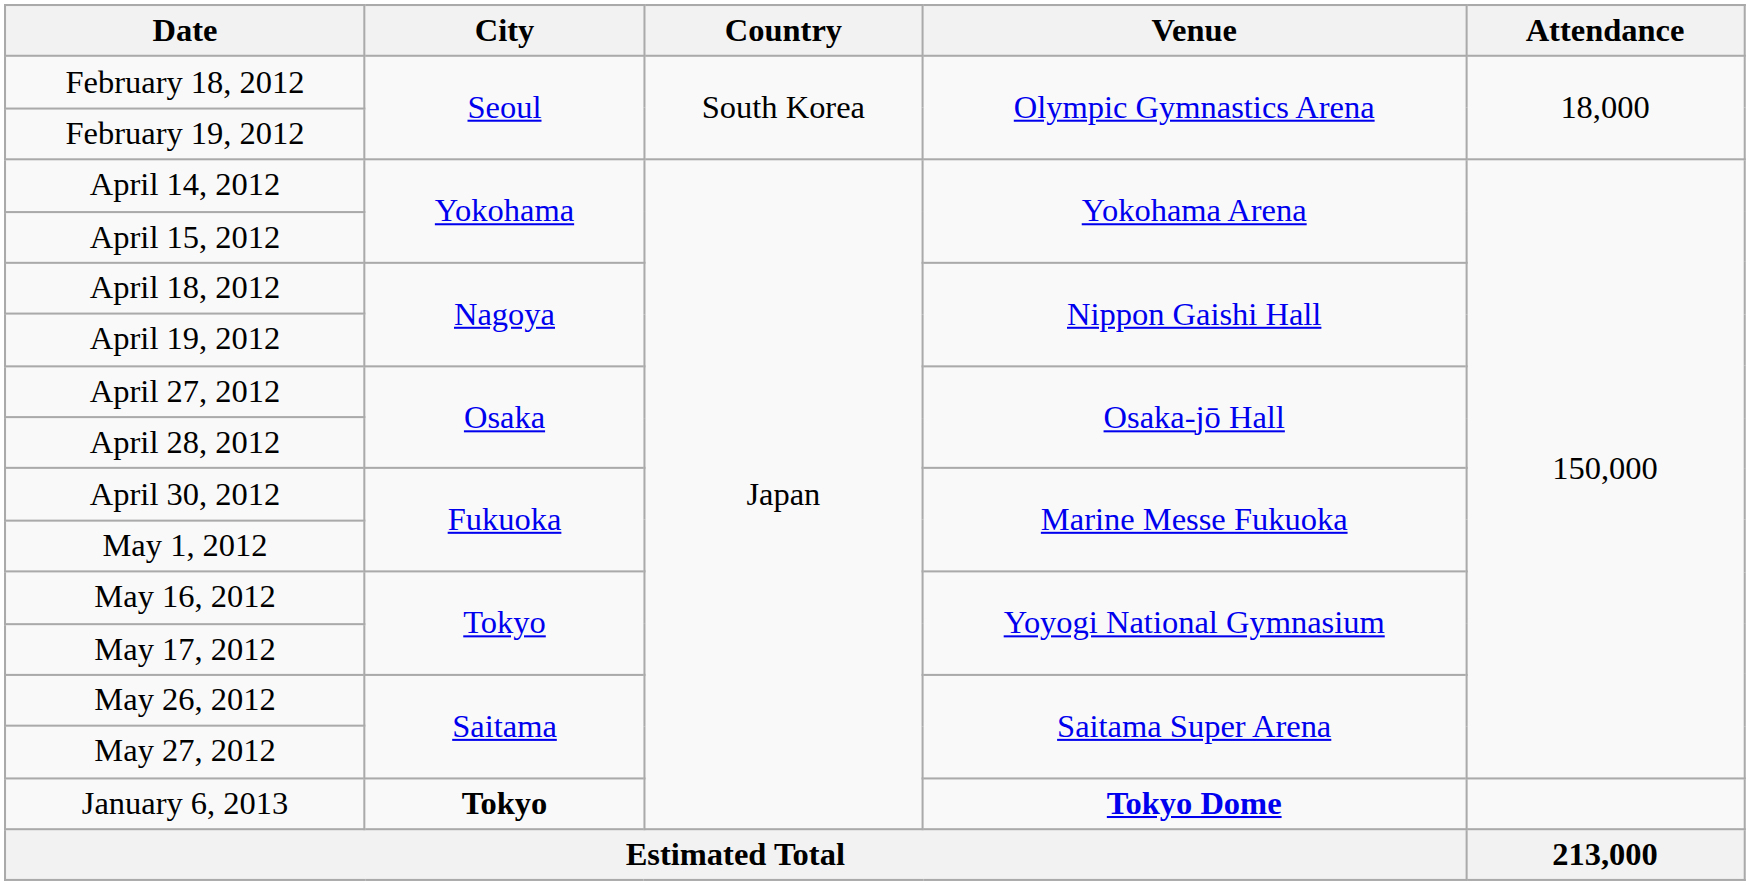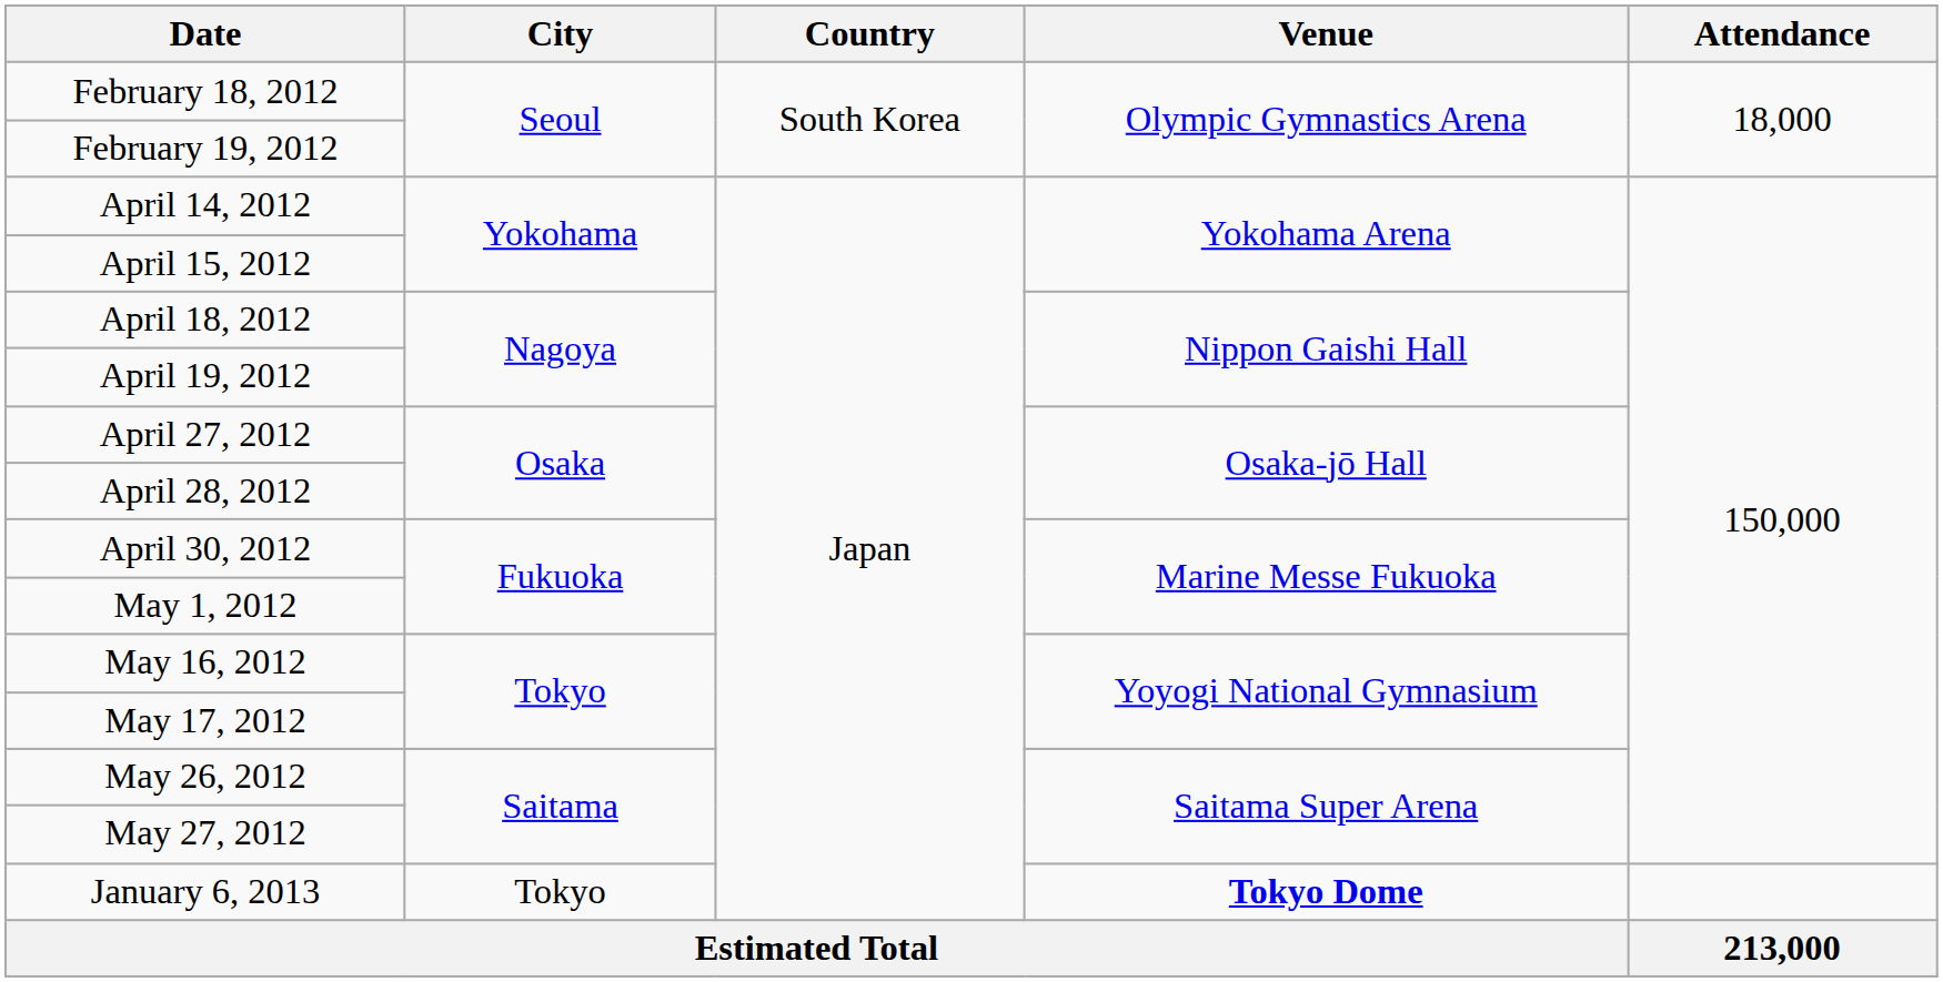 <table class="wikitable" style="text-align:center;">
 <tr>
 <th width="170">Date</th>
 <th width="130">City</th>
 <th width="130">Country</th>
 <th width="260">Venue</th>
 <th width="130">Attendance</th>
 </tr>
 <tr>
 <td>February 18, 2012</td>
 <td rowspan=2><a href='#'>Seoul</a></td>
 <td rowspan=2>South Korea</td>
 <td rowspan=2><a href='#'>Olympic Gymnastics Arena</a></td>
 <td rowspan="2">18,000</td>
 </tr>
 <tr>
 <td>February 19, 2012</td>
 </tr>
 <tr>
 <td>April 14, 2012</td>
 <td rowspan=2><a href='#'>Yokohama</a></td>
 <td rowspan=13>Japan</td>
 <td rowspan=2><a href='#'>Yokohama Arena</a></td>
 <td rowspan="12">150,000</td>
 </tr>
 <tr>
 <td>April 15, 2012</td>
 </tr>
 <tr>
 <td>April 18, 2012</td>
 <td rowspan=2><a href='#'>Nagoya</a></td>
 <td rowspan=2><a href='#'>Nippon Gaishi Hall</a></td>
 </tr>
 <tr>
 <td>April 19, 2012</td>
 </tr>
 <tr>
 <td>April 27, 2012</td>
 <td rowspan=2><a href='#'>Osaka</a></td>
 <td rowspan=2><a href='#'>Osaka-jō Hall</a></td>
 </tr>
 <tr>
 <td>April 28, 2012</td>
 </tr>
 <tr>
 <td>April 30, 2012</td>
 <td rowspan=2><a href='#'>Fukuoka</a></td>
 <td rowspan=2><a href='#'>Marine Messe Fukuoka</a></td>
 </tr>
 <tr>
 <td>May 1, 2012</td>
 </tr>
 <tr>
 <td>May 16, 2012</td>
 <td rowspan=2><a href='#'>Tokyo</a></td>
 <td rowspan=2><a href='#'>Yoyogi National Gymnasium</a></td>
 </tr>
 <tr>
 <td>May 17, 2012</td>
 </tr>
 <tr>
 <td>May 26, 2012</td>
 <td rowspan=2><a href='#'>Saitama</a></td>
 <td rowspan=2><a href='#'>Saitama Super Arena</a></td>
 </tr>
 <tr>
 <td>May 27, 2012</td>
 </tr>
 <tr>
 <td>January 6, 2013</td>
-<td><strong>Tokyo</strong></td>
+<td>Tokyo</td>
 <td><strong><a href='#'>Tokyo Dome</a></strong></td>
 <td></td>
 </tr>
 <tr>
 <th colspan="4">Estimated Total</th>
 <th>213,000</th>
 </tr>
 </table>
